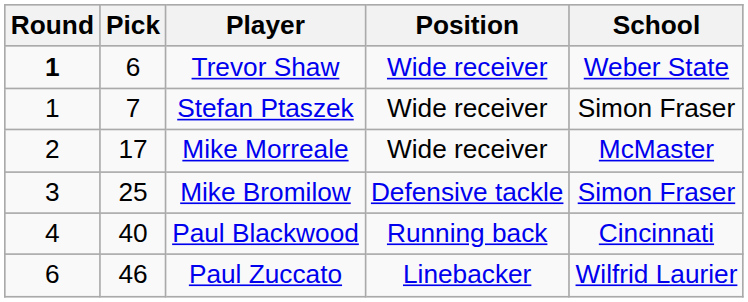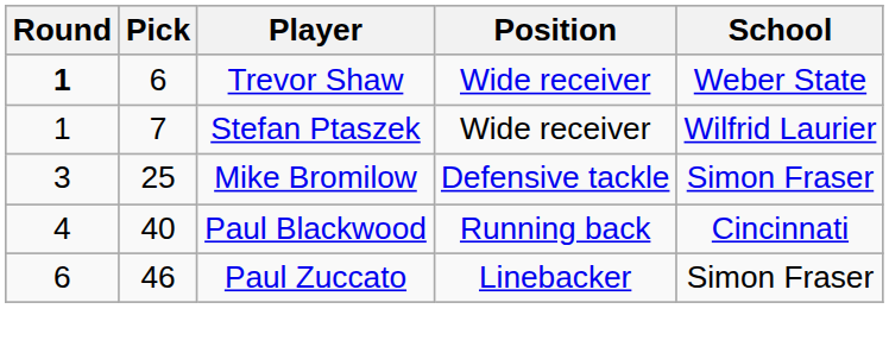 <table class="wikitable" style="text-align:center">
 <tr>
 <th scope="col">Round</th>
 <th scope="col">Pick</th>
 <th scope="col">Player</th>
 <th scope="col">Position</th>
 <th scope="col">School</th>
 </tr>
 <tr align="center">
 <td align=center><strong>1</strong></td>
 <td>6</td>
 <td><a href='#'>Trevor Shaw</a></td>
 <td><a href='#'>Wide receiver</a></td>
 <td><a href='#'>Weber State</a></td>
 </tr>
 <tr align="center">
 <td align=center>1</td>
 <td>7</td>
 <td><a href='#'>Stefan Ptaszek</a></td>
 <td>Wide receiver</td>
-<td>Simon Fraser</td>
-</tr>
-<tr align="center">
-<td align=center>2</td>
-<td>17</td>
-<td><a href='#'>Mike Morreale</a></td>
-<td>Wide receiver</td>
-<td><a href='#'>McMaster</a></td>
+<td><a href='#'>Wilfrid Laurier</a></td>
 </tr>
 <tr align="center">
 <td align=center>3</td>
 <td>25</td>
 <td><a href='#'>Mike Bromilow</a></td>
 <td><a href='#'>Defensive tackle</a></td>
 <td><a href='#'>Simon Fraser</a></td>
 </tr>
 <tr align="center">
 <td align=center>4</td>
 <td>40</td>
 <td><a href='#'>Paul Blackwood</a></td>
 <td><a href='#'>Running back</a></td>
 <td><a href='#'>Cincinnati</a></td>
 </tr>
 <tr align="center">
 <td align=center>6</td>
 <td>46</td>
 <td><a href='#'>Paul Zuccato</a></td>
 <td><a href='#'>Linebacker</a></td>
-<td><a href='#'>Wilfrid Laurier</a></td>
+<td>Simon Fraser</td>
 </tr>
 </table>
